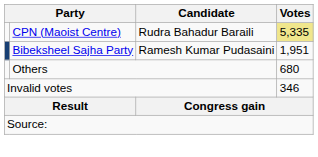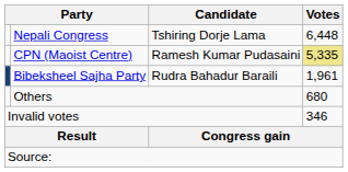 <table class="wikitable">
 <tr>
 <th colspan="2">Party</th>
 <th>Candidate</th>
 <th>Votes</th>
 </tr>
 <tr>
 <td style="background-color:"></td>
+<td><a href='#'>Nepali Congress</a></td>
+<td>Tshiring Dorje Lama</td>
+<td>6,448</td>
+</tr>
+<tr>
+<td style="background-color:"></td>
 <td><a href='#'>CPN (Maoist Centre)</a></td>
-<td>Rudra Bahadur Baraili</td>
+<td>Ramesh Kumar Pudasaini</td>
 <td style="background: khaki;">5,335</td>
 </tr>
 <tr>
 <td style="background-color:#183F73"></td>
 <td><a href='#'>Bibeksheel Sajha Party</a></td>
-<td>Ramesh Kumar Pudasaini</td>
-<td>1,951</td>
+<td>Rudra Bahadur Baraili</td>
+<td>1,961</td>
 </tr>
 <tr>
 <td></td>
 <td colspan="2">Others</td>
 <td>680</td>
 </tr>
 <tr>
 <td colspan="3">Invalid votes</td>
 <td>346</td>
 </tr>
 <tr>
 <th colspan="2">Result</th>
 <th colspan="2">Congress gain</th>
 </tr>
 <tr>
 <td colspan="4">Source: </td>
 </tr>
 </table>
